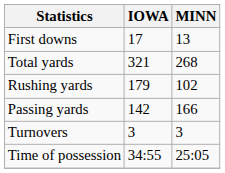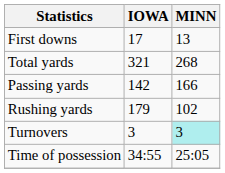 <table class="wikitable">
 <tr>
 <th>Statistics</th>
 <th>IOWA</th>
 <th>MINN</th>
 </tr>
 <tr>
 <td>First downs</td>
 <td>17</td>
 <td>13</td>
 </tr>
 <tr>
 <td>Total yards</td>
 <td>321</td>
 <td>268</td>
 </tr>
 <tr>
+<td>Passing yards</td>
+<td>142</td>
+<td>166</td>
+</tr>
+<tr>
 <td>Rushing yards</td>
 <td>179</td>
 <td>102</td>
 </tr>
 <tr>
-<td>Passing yards</td>
-<td>142</td>
-<td>166</td>
-</tr>
-<tr>
 <td>Turnovers</td>
 <td>3</td>
-<td>3</td>
+<td style="background: paleturquoise;">3</td>
 </tr>
 <tr>
 <td>Time of possession</td>
 <td>34:55</td>
 <td>25:05</td>
 </tr>
 <tr>
 </tr>
 </table>
